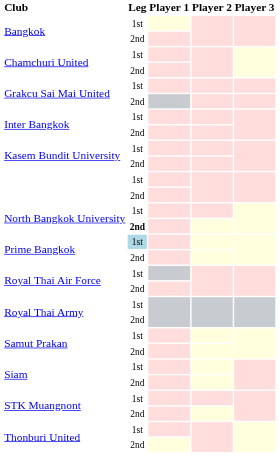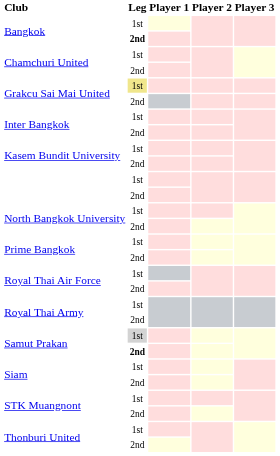 <table class="sortable" style="text-align:left">
 <tr>
 <th>Club</th>
 <th>Leg</th>
 <th>Player 1</th>
 <th>Player 2</th>
 <th>Player 3</th>
 </tr>
 <tr>
 <td rowspan="2"><a href='#'>Bangkok</a></td>
 <td align="center"><small>1st</small></td>
 <td bgcolor="#ffffdd"></td>
 <td bgcolor="#ffdddd"rowspan="2"></td>
 <td bgcolor="#ffdddd"rowspan="2"></td>
 </tr>
 <tr>
-<td align="center"><small>2nd</small></td>
+<td align="center"><strong><small>2nd</small></strong></td>
 <td bgcolor="#ffdddd"></td>
 </tr>
 <tr>
 <td rowspan="2"><a href='#'>Chamchuri United</a></td>
 <td align="center"><small>1st</small></td>
 <td bgcolor="#ffdddd"></td>
 <td bgcolor="#ffdddd"rowspan="2"></td>
 <td bgcolor="#ffffdd"rowspan="2"></td>
 </tr>
 <tr>
 <td align="center"><small>2nd</small></td>
 <td bgcolor="#ffdddd"></td>
 </tr>
 <tr>
 <td rowspan="2"><a href='#'>Grakcu Sai Mai United</a></td>
-<td align="center"><small>1st</small></td>
+<td align="center" style="background: khaki;"><small>1st</small></td>
 <td bgcolor="#ffdddd"></td>
 <td bgcolor="#ffdddd"></td>
 <td bgcolor="#ffdddd"></td>
 </tr>
 <tr>
 <td align="center"><small>2nd</small></td>
 <td bgcolor="#c8ccd1"></td>
 <td bgcolor="#ffdddd"></td>
 <td bgcolor="#ffdddd"></td>
 </tr>
 <tr>
 <td rowspan="2"><a href='#'>Inter Bangkok</a></td>
 <td align="center"><small>1st</small></td>
 <td bgcolor="#ffdddd"></td>
 <td bgcolor="#ffdddd"></td>
 <td bgcolor="#ffdddd"rowspan="2"></td>
 </tr>
 <tr>
 <td align="center"><small>2nd</small></td>
 <td bgcolor="#ffdddd"></td>
 <td bgcolor="#ffdddd"></td>
 </tr>
 <tr>
 <td rowspan="2"><a href='#'>Kasem Bundit University</a></td>
 <td align="center"><small>1st</small></td>
 <td bgcolor="#ffdddd"></td>
 <td bgcolor="#ffdddd"></td>
 <td bgcolor="#ffdddd"rowspan="2"></td>
 </tr>
 <tr>
 <td align="center"><small>2nd</small></td>
 <td bgcolor="#ffdddd"></td>
 <td bgcolor="#ffdddd"></td>
 </tr>
 <tr>
 <td rowspan="2"></td>
 <td align="center"><small>1st</small></td>
 <td bgcolor="#ffdddd"></td>
 <td bgcolor="#ffdddd"rowspan="2"></td>
 <td bgcolor="#ffdddd"rowspan="2"></td>
 </tr>
 <tr>
 <td align="center"><small>2nd</small></td>
 <td bgcolor="#ffdddd"></td>
 </tr>
 <tr>
 <td rowspan="2"><a href='#'>North Bangkok University</a></td>
 <td align="center"><small>1st</small></td>
 <td bgcolor="#ffdddd"></td>
 <td bgcolor="#ffdddd"></td>
 <td bgcolor="#ffffdd"rowspan="2"></td>
 </tr>
 <tr>
-<td align="center"><strong><small>2nd</small></strong></td>
+<td align="center"><small>2nd</small></td>
 <td bgcolor="#ffdddd"></td>
 <td bgcolor="#ffffdd"></td>
 </tr>
 <tr>
 <td rowspan="2"><a href='#'>Prime Bangkok</a></td>
-<td align="center" style="background: lightblue;"><small>1st</small></td>
+<td align="center"><small>1st</small></td>
 <td bgcolor="#ffdddd"></td>
 <td bgcolor="#ffffdd"></td>
 <td bgcolor="#ffffdd"rowspan="2"></td>
 </tr>
 <tr>
 <td align="center"><small>2nd</small></td>
 <td bgcolor="#ffdddd"></td>
 <td bgcolor="#ffffdd"></td>
 </tr>
 <tr>
 <td rowspan="2"><a href='#'>Royal Thai Air Force</a></td>
 <td align="center"><small>1st</small></td>
 <td bgcolor="#c8ccd1"></td>
 <td bgcolor="#ffdddd"rowspan="2"></td>
 <td bgcolor="#ffdddd"rowspan="2"></td>
 </tr>
 <tr>
 <td align="center"><small>2nd</small></td>
 <td bgcolor="#ffdddd"></td>
 </tr>
 <tr>
 <td rowspan="2"><a href='#'>Royal Thai Army</a></td>
 <td align="center"><small>1st</small></td>
 <td bgcolor="#c8ccd1"rowspan="2"></td>
 <td bgcolor="#c8ccd1"rowspan="2"></td>
 <td bgcolor="#c8ccd1"rowspan="2"></td>
 </tr>
 <tr>
 <td align="center"><small>2nd</small></td>
 </tr>
 <tr>
 <td rowspan="2"><a href='#'>Samut Prakan</a></td>
-<td align="center"><small>1st</small></td>
+<td align="center" style="background: lightgrey;"><small>1st</small></td>
 <td bgcolor="#ffdddd"></td>
 <td bgcolor="#ffffdd"></td>
 <td bgcolor="#ffffdd"rowspan="2"></td>
 </tr>
 <tr>
-<td align="center"><small>2nd</small></td>
+<td align="center"><strong><small>2nd</small></strong></td>
 <td bgcolor="#ffdddd"></td>
 <td bgcolor="#ffffdd"></td>
 </tr>
 <tr>
 <td rowspan="2"><a href='#'>Siam</a></td>
 <td align="center"><small>1st</small></td>
 <td bgcolor="#ffdddd"></td>
 <td bgcolor="#ffffdd"></td>
 <td bgcolor="#ffdddd"rowspan="2"></td>
 </tr>
 <tr>
 <td align="center"><small>2nd</small></td>
 <td bgcolor="#ffdddd"></td>
 <td bgcolor="#ffffdd"></td>
 </tr>
 <tr>
 <td rowspan="2"><a href='#'>STK Muangnont</a></td>
 <td align="center"><small>1st</small></td>
 <td bgcolor="#ffdddd"></td>
 <td bgcolor="#ffdddd"></td>
 <td bgcolor="#ffdddd"rowspan="2"></td>
 </tr>
 <tr>
 <td align="center"><small>2nd</small></td>
 <td bgcolor="#ffdddd"></td>
 <td bgcolor="#ffffdd"></td>
 </tr>
 <tr>
 <td rowspan="2"><a href='#'>Thonburi United</a></td>
 <td align="center"><small>1st</small></td>
 <td bgcolor="#ffdddd"></td>
 <td bgcolor="#ffdddd"rowspan="2"></td>
 <td bgcolor="#ffffdd"rowspan="2"></td>
 </tr>
 <tr>
 <td align="center"><small>2nd</small></td>
 <td bgcolor="#ffffdd"></td>
 </tr>
 </table>
